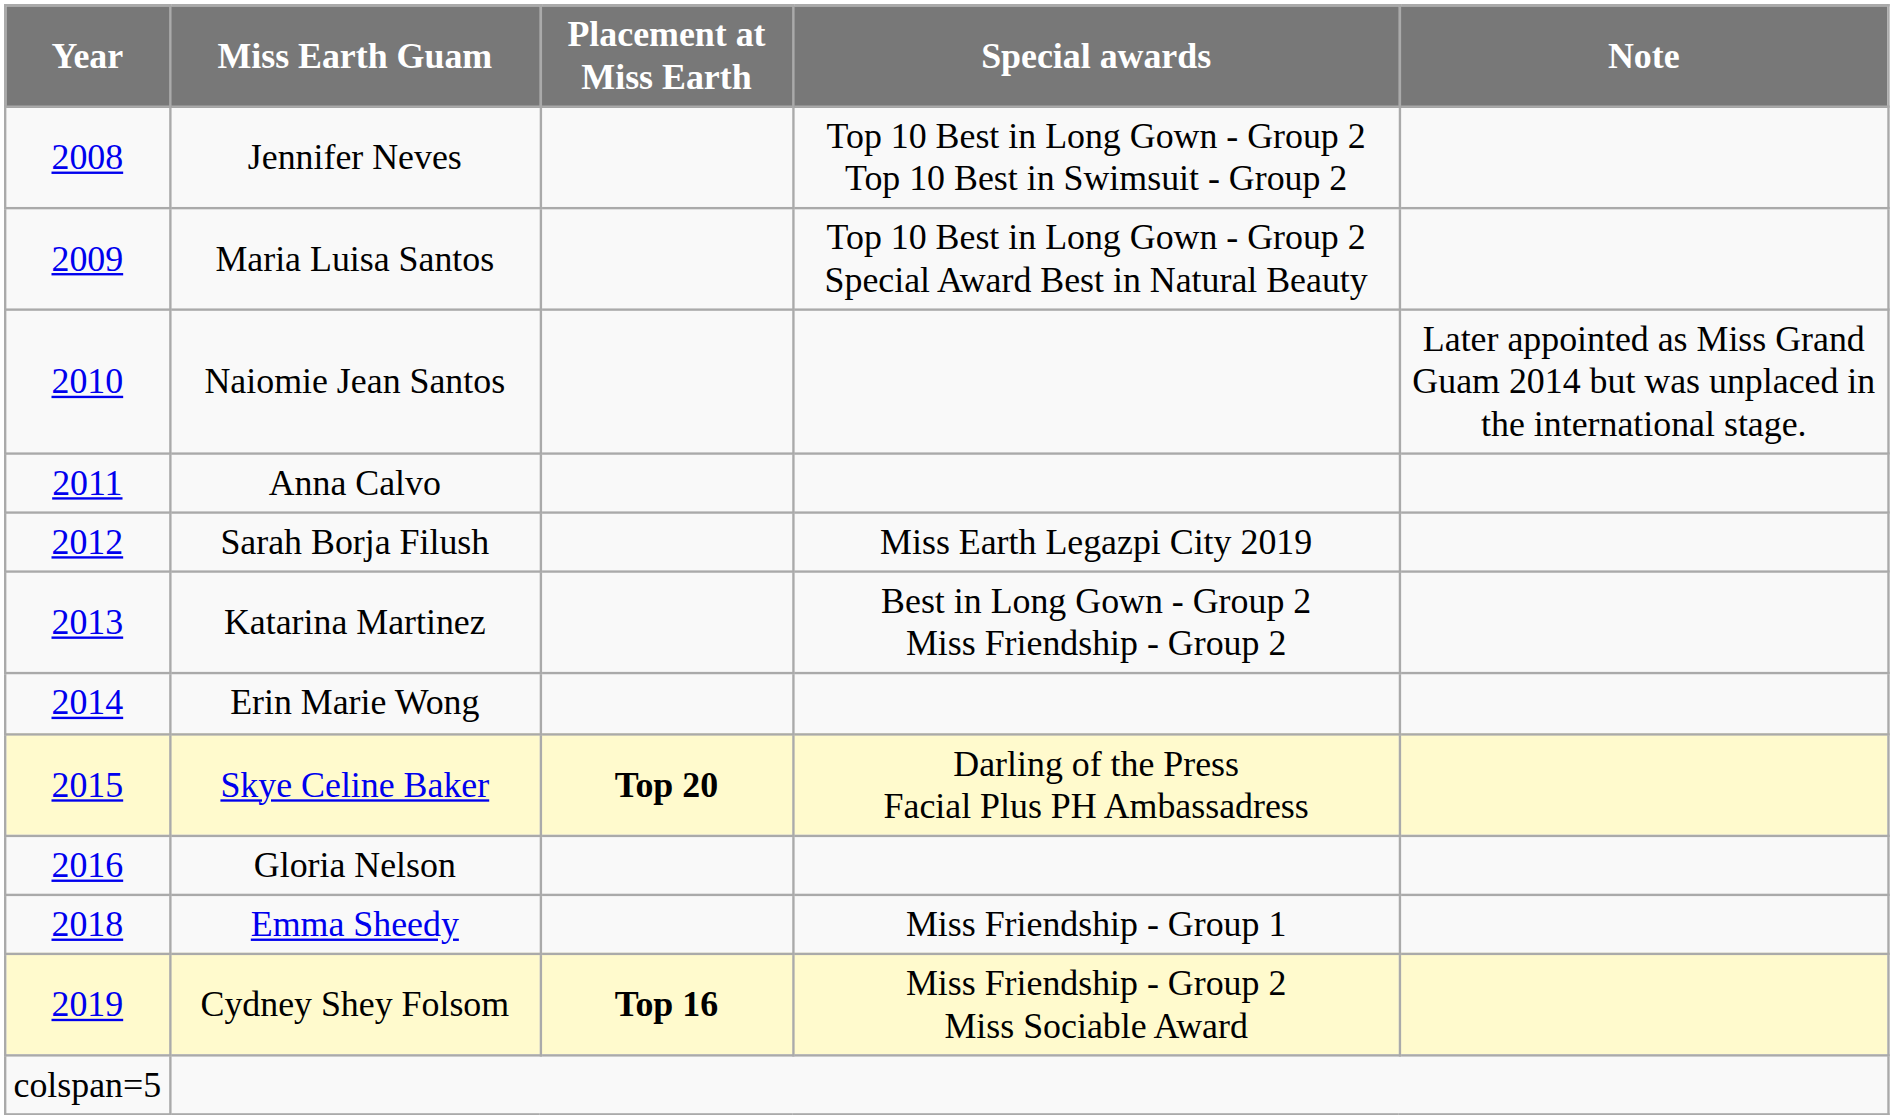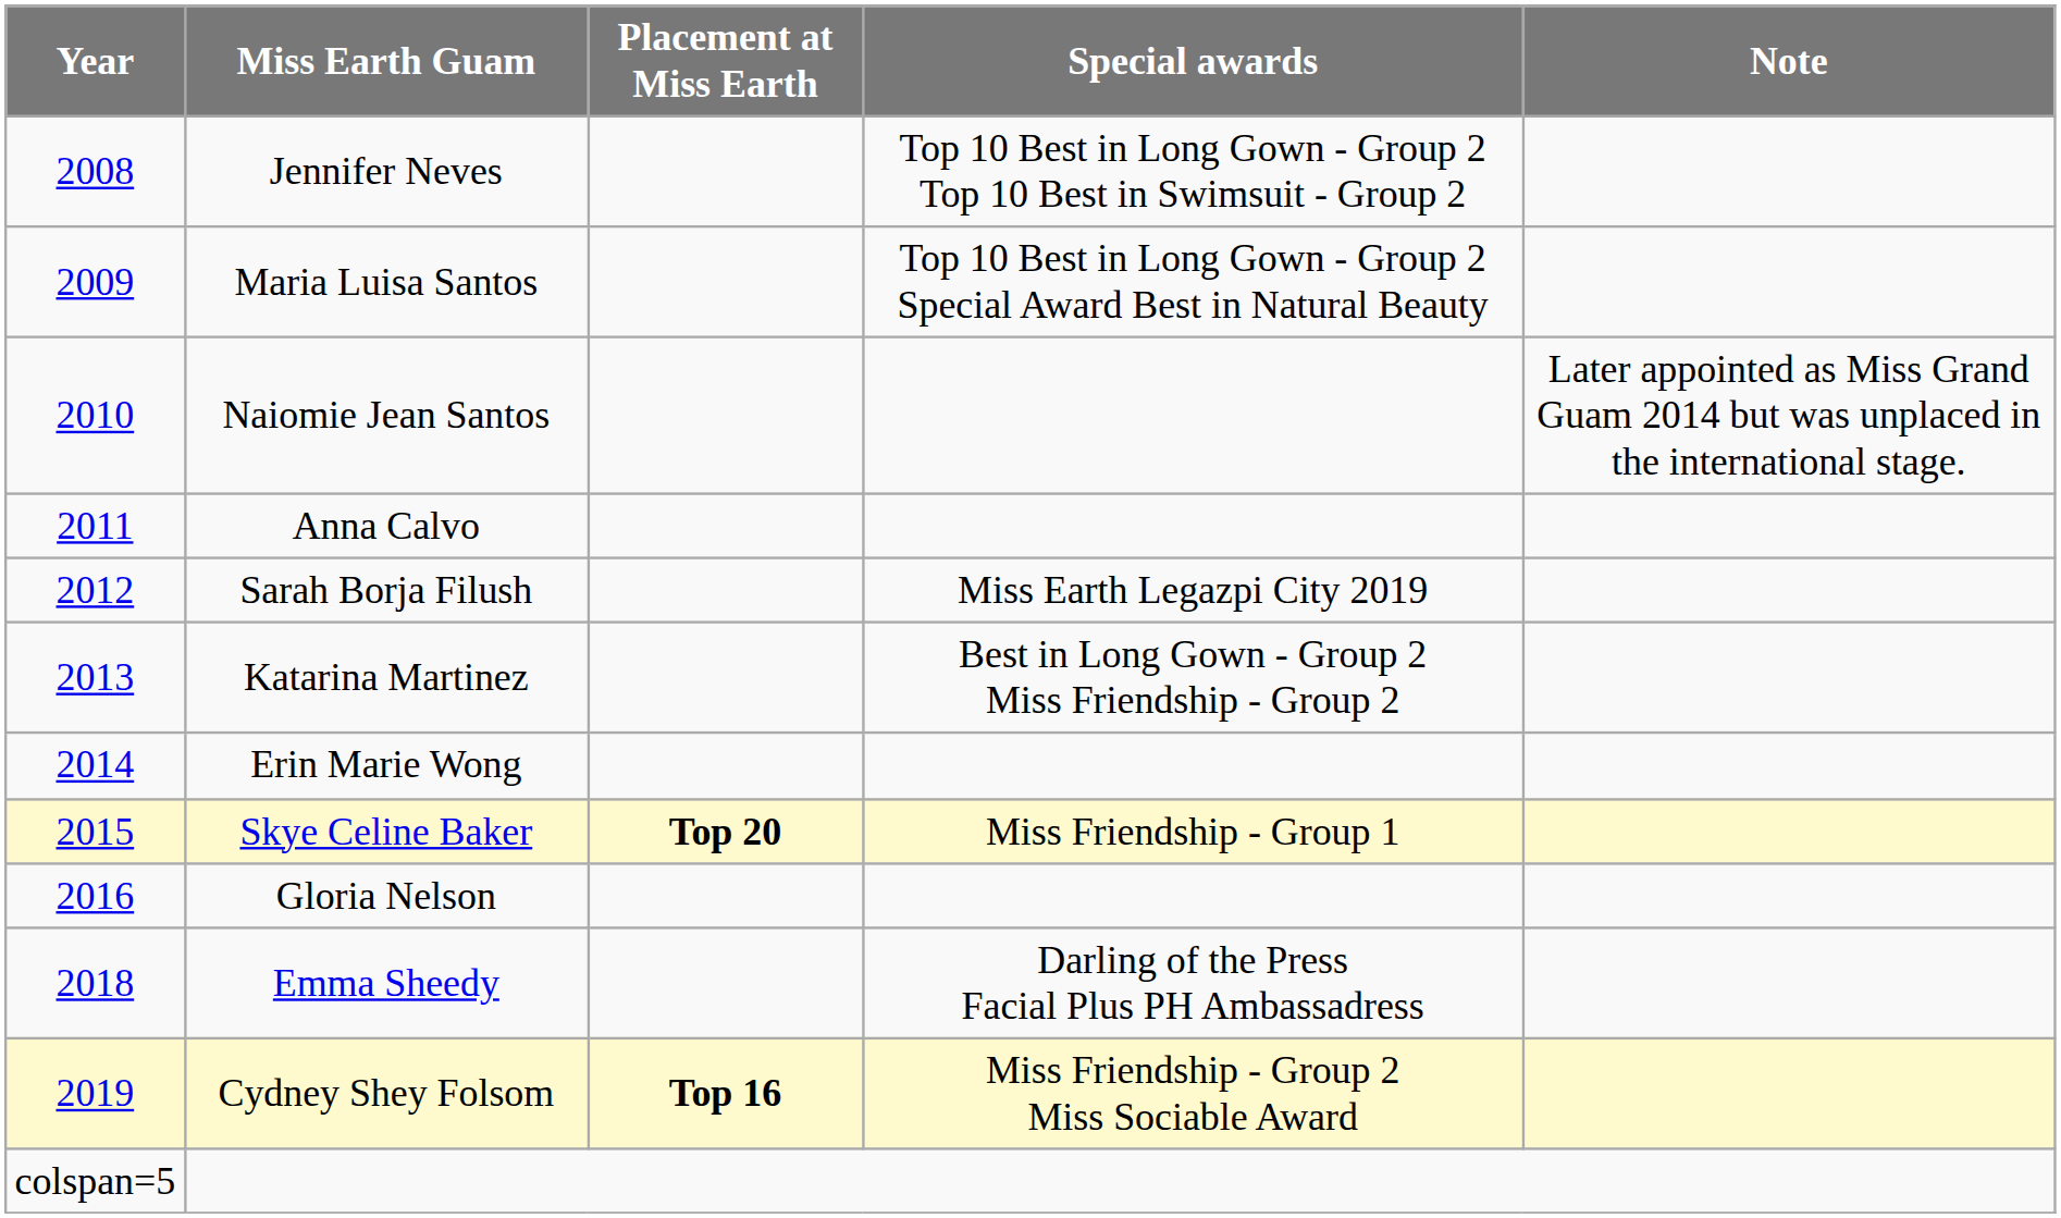 <table class="wikitable sortable" style="font-size: 95%; text-align:center">
 <tr>
 <th width="60" style="background-color:#787878;color:#FFFFFF;">Year</th>
 <th width="150" style="background-color:#787878;color:#FFFFFF;">Miss Earth Guam</th>
 <th width="100" style="background-color:#787878;color:#FFFFFF;">Placement at Miss Earth</th>
 <th width="250" style="background-color:#787878;color:#FFFFFF;">Special awards</th>
 <th width="200" style="background-color:#787878;color:#FFFFFF;">Note</th>
 </tr>
 <tr>
 <td><a href='#'>2008</a></td>
 <td>Jennifer Neves</td>
 <td></td>
 <td>Top 10 Best in Long Gown - Group 2<br> Top 10 Best in Swimsuit - Group 2</td>
 <td></td>
 </tr>
 <tr>
 <td><a href='#'>2009</a></td>
 <td>Maria Luisa Santos</td>
 <td></td>
 <td>Top 10 Best in Long Gown -  Group 2<br>Special Award Best in Natural Beauty</td>
 <td></td>
 </tr>
 <tr>
 <td><a href='#'>2010</a></td>
 <td>Naiomie Jean Santos</td>
 <td></td>
 <td></td>
 <td>Later appointed as Miss Grand Guam 2014 but was unplaced in the international stage.</td>
 </tr>
 <tr>
 <td><a href='#'>2011</a></td>
 <td>Anna Calvo</td>
 <td></td>
 <td></td>
 <td></td>
 </tr>
 <tr>
 <td><a href='#'>2012</a></td>
 <td>Sarah Borja Filush</td>
 <td></td>
 <td>Miss Earth Legazpi City 2019</td>
 <td></td>
 </tr>
 <tr>
 <td><a href='#'>2013</a></td>
 <td>Katarina Martinez</td>
 <td></td>
 <td>Best in Long Gown - Group 2<br> Miss Friendship -  Group 2</td>
 <td></td>
 </tr>
 <tr>
 <td><a href='#'>2014</a></td>
 <td>Erin Marie Wong</td>
 <td></td>
 <td></td>
 <td></td>
 </tr>
 <tr style="background-color:#FFFACD;">
 <td><a href='#'>2015</a></td>
 <td><a href='#'>Skye Celine Baker</a></td>
 <td><strong>Top 20</strong></td>
-<td>Darling of the Press<br>Facial Plus PH Ambassadress</td>
+<td> Miss Friendship - Group 1</td>
 <td></td>
 </tr>
 <tr>
 <td><a href='#'>2016</a></td>
 <td>Gloria Nelson</td>
 <td></td>
 <td></td>
 <td></td>
 </tr>
 <tr>
 <td><a href='#'>2018</a></td>
 <td><a href='#'>Emma Sheedy</a></td>
 <td></td>
-<td> Miss Friendship - Group 1</td>
+<td>Darling of the Press<br>Facial Plus PH Ambassadress</td>
 <td></td>
 </tr>
 <tr style="background-color:#FFFACD;">
 <td><a href='#'>2019</a></td>
 <td>Cydney Shey Folsom</td>
 <td><strong>Top 16</strong></td>
 <td> Miss Friendship -  Group 2<br>Miss Sociable Award</td>
 <td></td>
 </tr>
 <tr>
 <td>colspan=5 </td>
 </tr>
 </table>
